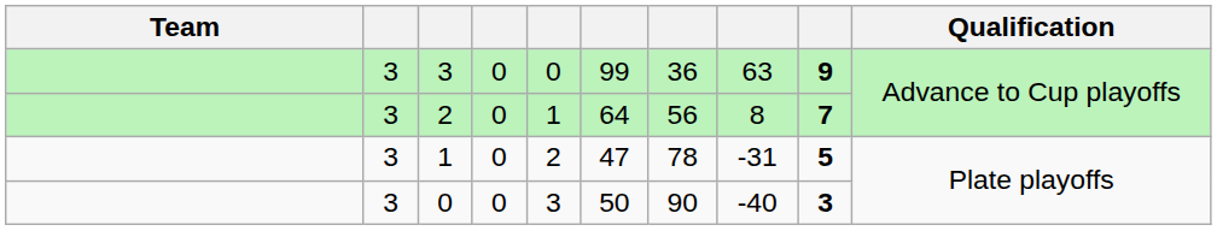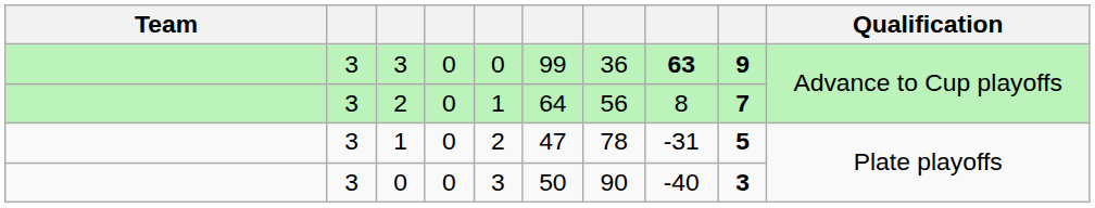 <table class="wikitable" style="text-align:center;">
 <tr>
 <th style="width:12.5em">Team</th>
 <th style="width:1.5em;"></th>
 <th style="width:1.5em;"></th>
 <th style="width:1.5em;"></th>
 <th style="width:1.5em;"></th>
 <th style="width:2.0em;"></th>
 <th style="width:2.0em;"></th>
 <th style="width:2.5em;"></th>
 <th style="width:1.5em;"></th>
 <th style="width:12.5em">Qualification</th>
 </tr>
 <tr bgcolor=#bbf3bb>
 <td align=left></td>
 <td>3</td>
 <td>3</td>
 <td>0</td>
 <td>0</td>
 <td>99</td>
 <td>36</td>
-<td>63</td>
+<td><strong>63</strong></td>
 <td><strong>9</strong></td>
 <td rowspan="2">Advance to Cup playoffs</td>
 </tr>
 <tr bgcolor=#bbf3bb>
 <td align=left></td>
 <td>3</td>
 <td>2</td>
 <td>0</td>
 <td>1</td>
 <td>64</td>
 <td>56</td>
 <td>8</td>
 <td><strong>7</strong></td>
 </tr>
 <tr>
 <td align=left></td>
 <td>3</td>
 <td>1</td>
 <td>0</td>
 <td>2</td>
 <td>47</td>
 <td>78</td>
 <td>-31</td>
 <td><strong>5</strong></td>
 <td rowspan="2">Plate playoffs</td>
 </tr>
 <tr>
 <td align=left></td>
 <td>3</td>
 <td>0</td>
 <td>0</td>
 <td>3</td>
 <td>50</td>
 <td>90</td>
 <td>-40</td>
 <td><strong>3</strong></td>
 </tr>
 </table>
